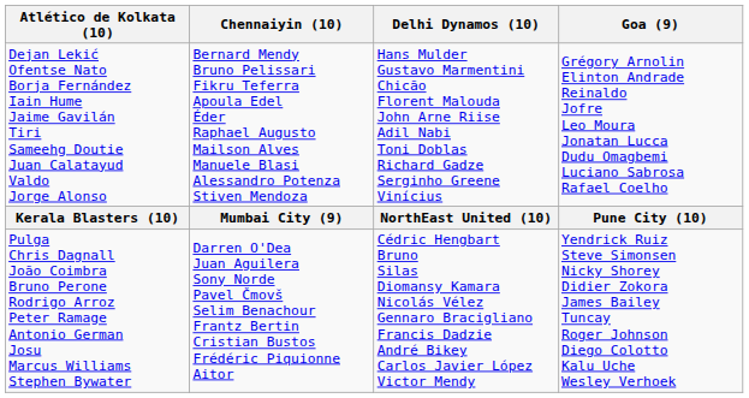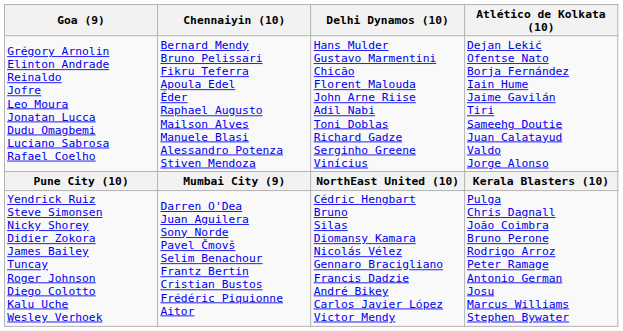 <table class="wikitable">
 <tr>
-<th style="width:170px;">Atlético de Kolkata (10)</th>
+<th style="width:170px;">Goa (9)</th>
 <th style="width:170px;">Chennaiyin (10)</th>
 <th style="width:170px;">Delhi Dynamos (10)</th>
-<th style="width:170px;">Goa (9)</th>
+<th style="width:170px;">Atlético de Kolkata (10)</th>
 </tr>
 <tr>
-<td> <a href='#'>Dejan Lekić</a><br> <a href='#'>Ofentse Nato</a><br> <a href='#'>Borja Fernández</a><br> <a href='#'>Iain Hume</a><br> <a href='#'>Jaime Gavilán</a><br> <a href='#'>Tiri</a><br> <a href='#'>Sameehg Doutie</a><br> <a href='#'>Juan Calatayud</a><br> <a href='#'>Valdo</a><br> <a href='#'>Jorge Alonso</a></td>
+<td> <a href='#'>Grégory Arnolin</a><br> <a href='#'>Elinton Andrade</a><br> <a href='#'>Reinaldo</a><br> <a href='#'>Jofre</a><br> <a href='#'>Leo Moura</a><br> <a href='#'>Jonatan Lucca</a><br> <a href='#'>Dudu Omagbemi</a><br> <a href='#'>Luciano Sabrosa</a><br> <a href='#'>Rafael Coelho</a></td>
 <td> <a href='#'>Bernard Mendy</a><br> <a href='#'>Bruno Pelissari</a><br> <a href='#'>Fikru Teferra</a><br> <a href='#'>Apoula Edel</a><br> <a href='#'>Éder</a><br> <a href='#'>Raphael Augusto</a><br> <a href='#'>Mailson Alves</a><br> <a href='#'>Manuele Blasi</a><br> <a href='#'>Alessandro Potenza</a><br> <a href='#'>Stiven Mendoza</a></td>
 <td> <a href='#'>Hans Mulder</a><br> <a href='#'>Gustavo Marmentini</a><br> <a href='#'>Chicão</a><br> <a href='#'>Florent Malouda</a><br> <a href='#'>John Arne Riise</a><br> <a href='#'>Adil Nabi</a><br> <a href='#'>Toni Doblas</a><br> <a href='#'>Richard Gadze</a><br> <a href='#'>Serginho Greene</a><br> <a href='#'>Vinícius</a></td>
-<td> <a href='#'>Grégory Arnolin</a><br> <a href='#'>Elinton Andrade</a><br> <a href='#'>Reinaldo</a><br> <a href='#'>Jofre</a><br> <a href='#'>Leo Moura</a><br> <a href='#'>Jonatan Lucca</a><br> <a href='#'>Dudu Omagbemi</a><br> <a href='#'>Luciano Sabrosa</a><br> <a href='#'>Rafael Coelho</a></td>
+<td> <a href='#'>Dejan Lekić</a><br> <a href='#'>Ofentse Nato</a><br> <a href='#'>Borja Fernández</a><br> <a href='#'>Iain Hume</a><br> <a href='#'>Jaime Gavilán</a><br> <a href='#'>Tiri</a><br> <a href='#'>Sameehg Doutie</a><br> <a href='#'>Juan Calatayud</a><br> <a href='#'>Valdo</a><br> <a href='#'>Jorge Alonso</a></td>
 </tr>
 <tr>
-<th style="width:170px;">Kerala Blasters (10)</th>
+<th style="width:170px;">Pune City (10)</th>
 <th style="width:170px;">Mumbai City (9)</th>
 <th style="width:170px;">NorthEast United (10)</th>
-<th style="width:170px;">Pune City (10)</th>
+<th style="width:170px;">Kerala Blasters (10)</th>
 </tr>
 <tr>
-<td> <a href='#'>Pulga</a><br> <a href='#'>Chris Dagnall</a><br> <a href='#'>João Coimbra</a><br> <a href='#'>Bruno Perone</a><br> <a href='#'>Rodrigo Arroz</a><br> <a href='#'>Peter Ramage</a><br> <a href='#'>Antonio German</a><br> <a href='#'>Josu</a><br> <a href='#'>Marcus Williams</a><br> <a href='#'>Stephen Bywater</a></td>
+<td> <a href='#'>Yendrick Ruiz</a><br> <a href='#'>Steve Simonsen</a><br> <a href='#'>Nicky Shorey</a><br> <a href='#'>Didier Zokora</a><br> <a href='#'>James Bailey</a><br> <a href='#'>Tuncay</a><br> <a href='#'>Roger Johnson</a><br> <a href='#'>Diego Colotto</a><br> <a href='#'>Kalu Uche</a><br> <a href='#'>Wesley Verhoek</a></td>
 <td> <a href='#'>Darren O'Dea</a><br> <a href='#'>Juan Aguilera</a><br> <a href='#'>Sony Norde</a><br> <a href='#'>Pavel Čmovš</a><br> <a href='#'>Selim Benachour</a><br> <a href='#'>Frantz Bertin</a><br> <a href='#'>Cristian Bustos</a><br> <a href='#'>Frédéric Piquionne</a><br> <a href='#'>Aitor</a></td>
 <td> <a href='#'>Cédric Hengbart</a><br> <a href='#'>Bruno</a><br> <a href='#'>Silas</a><br> <a href='#'>Diomansy Kamara</a><br> <a href='#'>Nicolás Vélez</a><br> <a href='#'>Gennaro Bracigliano</a><br> <a href='#'>Francis Dadzie</a><br> <a href='#'>André Bikey</a><br> <a href='#'>Carlos Javier López</a><br> <a href='#'>Victor Mendy</a></td>
-<td> <a href='#'>Yendrick Ruiz</a><br> <a href='#'>Steve Simonsen</a><br> <a href='#'>Nicky Shorey</a><br> <a href='#'>Didier Zokora</a><br> <a href='#'>James Bailey</a><br> <a href='#'>Tuncay</a><br> <a href='#'>Roger Johnson</a><br> <a href='#'>Diego Colotto</a><br> <a href='#'>Kalu Uche</a><br> <a href='#'>Wesley Verhoek</a></td>
+<td> <a href='#'>Pulga</a><br> <a href='#'>Chris Dagnall</a><br> <a href='#'>João Coimbra</a><br> <a href='#'>Bruno Perone</a><br> <a href='#'>Rodrigo Arroz</a><br> <a href='#'>Peter Ramage</a><br> <a href='#'>Antonio German</a><br> <a href='#'>Josu</a><br> <a href='#'>Marcus Williams</a><br> <a href='#'>Stephen Bywater</a></td>
 </tr>
 </table>
